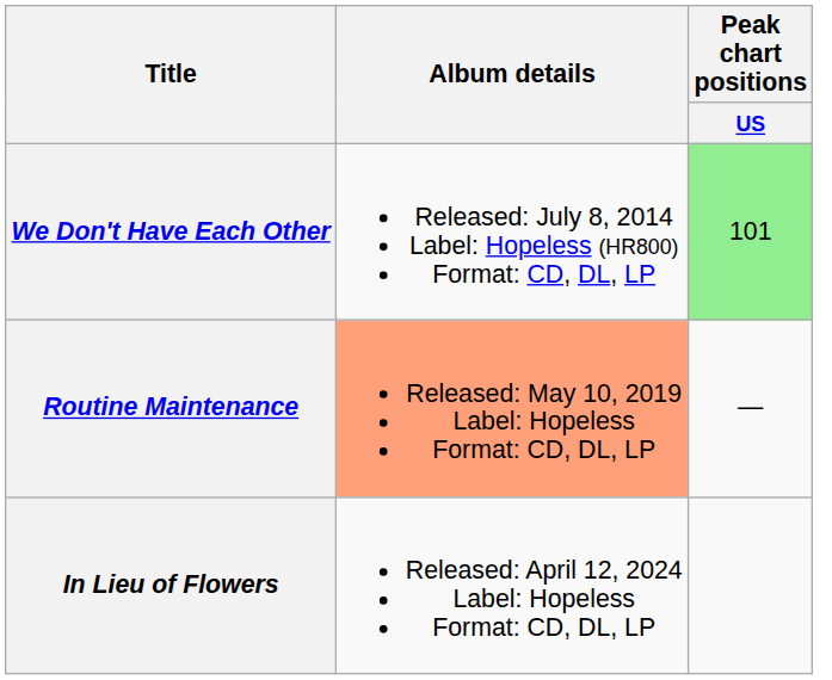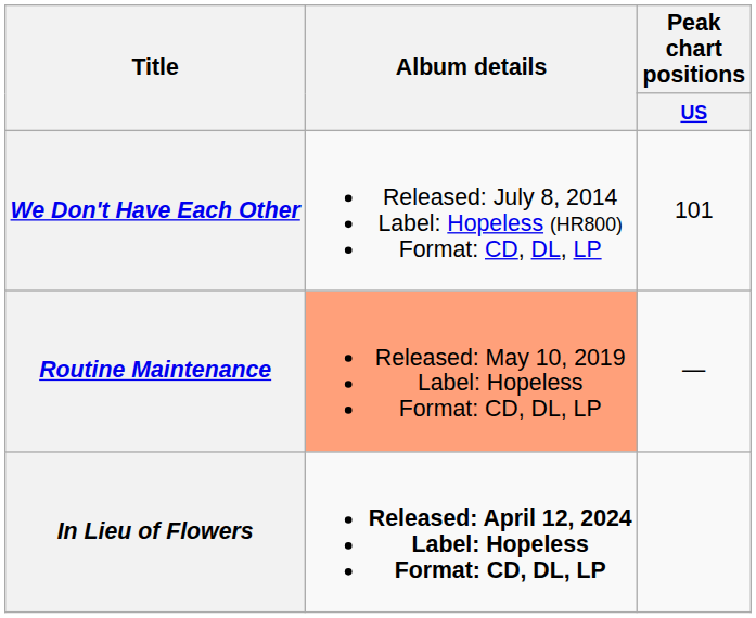 <table class="wikitable plainrowheaders" style="text-align:center;">
 <tr>
 <th scope="col" rowspan="2">Title</th>
 <th scope="col" rowspan="2">Album details</th>
 <th scope="col" colspan="1">Peak chart<br>positions</th>
 </tr>
 <tr>
 <th style="width:30px;"><small><a href='#'>US</a></small><br></th>
 </tr>
 <tr>
 <th scope="row"><em><a href='#'>We Don't Have Each Other</a></em></th>
 <td><br><ul><li>Released: July 8, 2014</li><li>Label: <a href='#'>Hopeless</a> <small>(HR800)</small></li><li>Format: <a href='#'>CD</a>, <a href='#'>DL</a>, <a href='#'>LP</a></li></ul></td>
-<td style="background: lightgreen;">101</td>
+<td>101</td>
 </tr>
 <tr>
 <th scope="row"><a href='#'><em>Routine Maintenance</em></a></th>
 <td style="background: lightsalmon;"><br><ul><li>Released: May 10, 2019</li><li>Label: Hopeless</li><li>Format: CD, DL, LP</li></ul></td>
 <td>—</td>
 </tr>
 <tr>
 <th scope="row"><em>In Lieu of Flowers</em></th>
-<td><br><ul><li>Released: April 12, 2024</li><li>Label: Hopeless</li><li>Format: CD, DL, LP</li></ul></td>
+<td><strong><br><ul><li>Released: April 12, 2024</li><li>Label: Hopeless</li><li>Format: CD, DL, LP</li></ul></strong></td>
 <td></td>
 </tr>
 </table>
